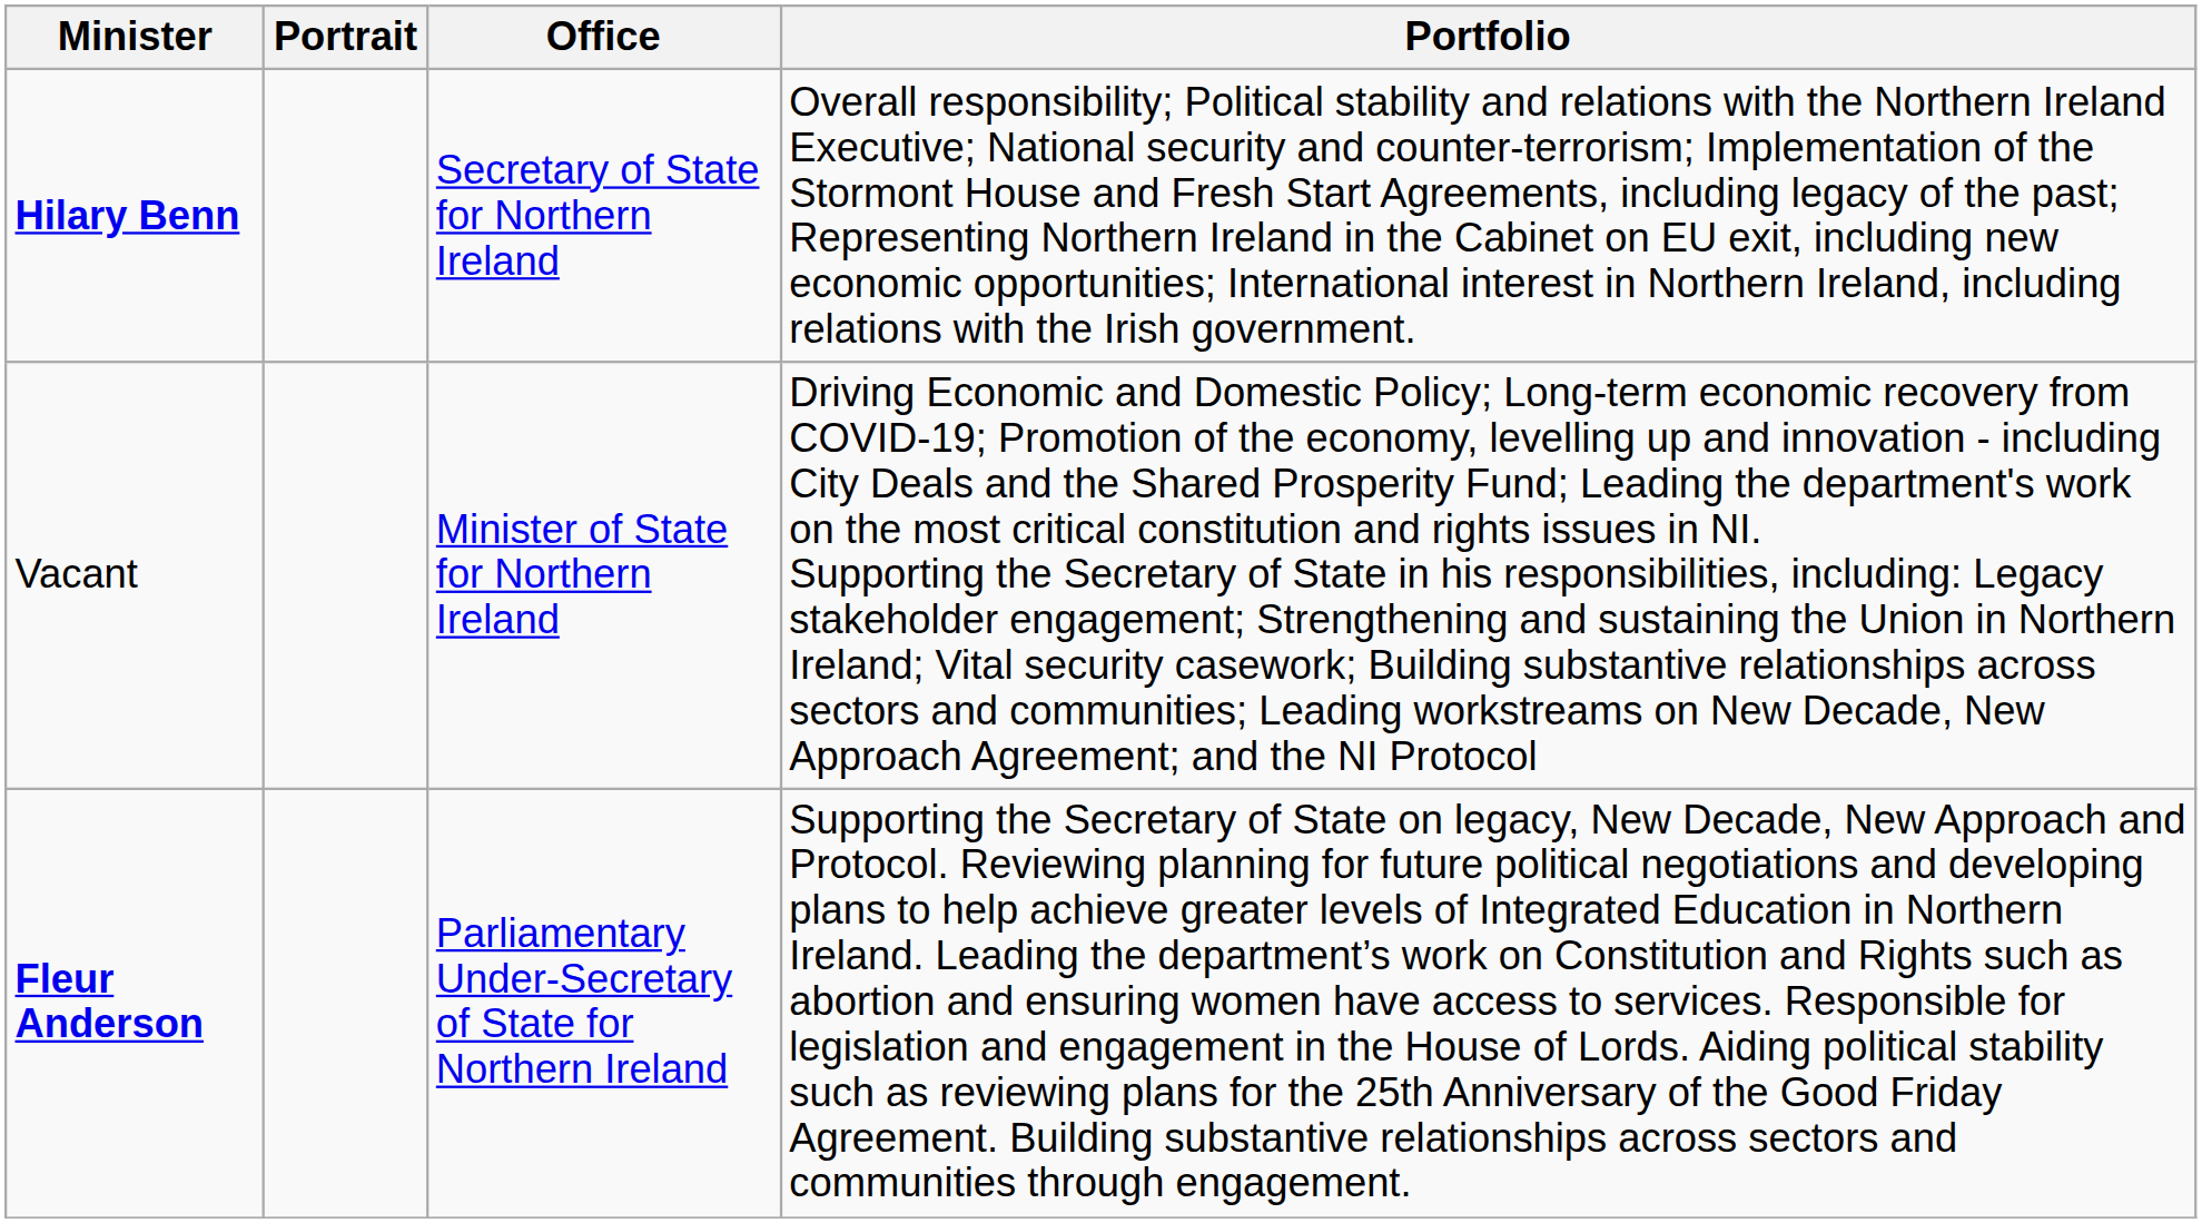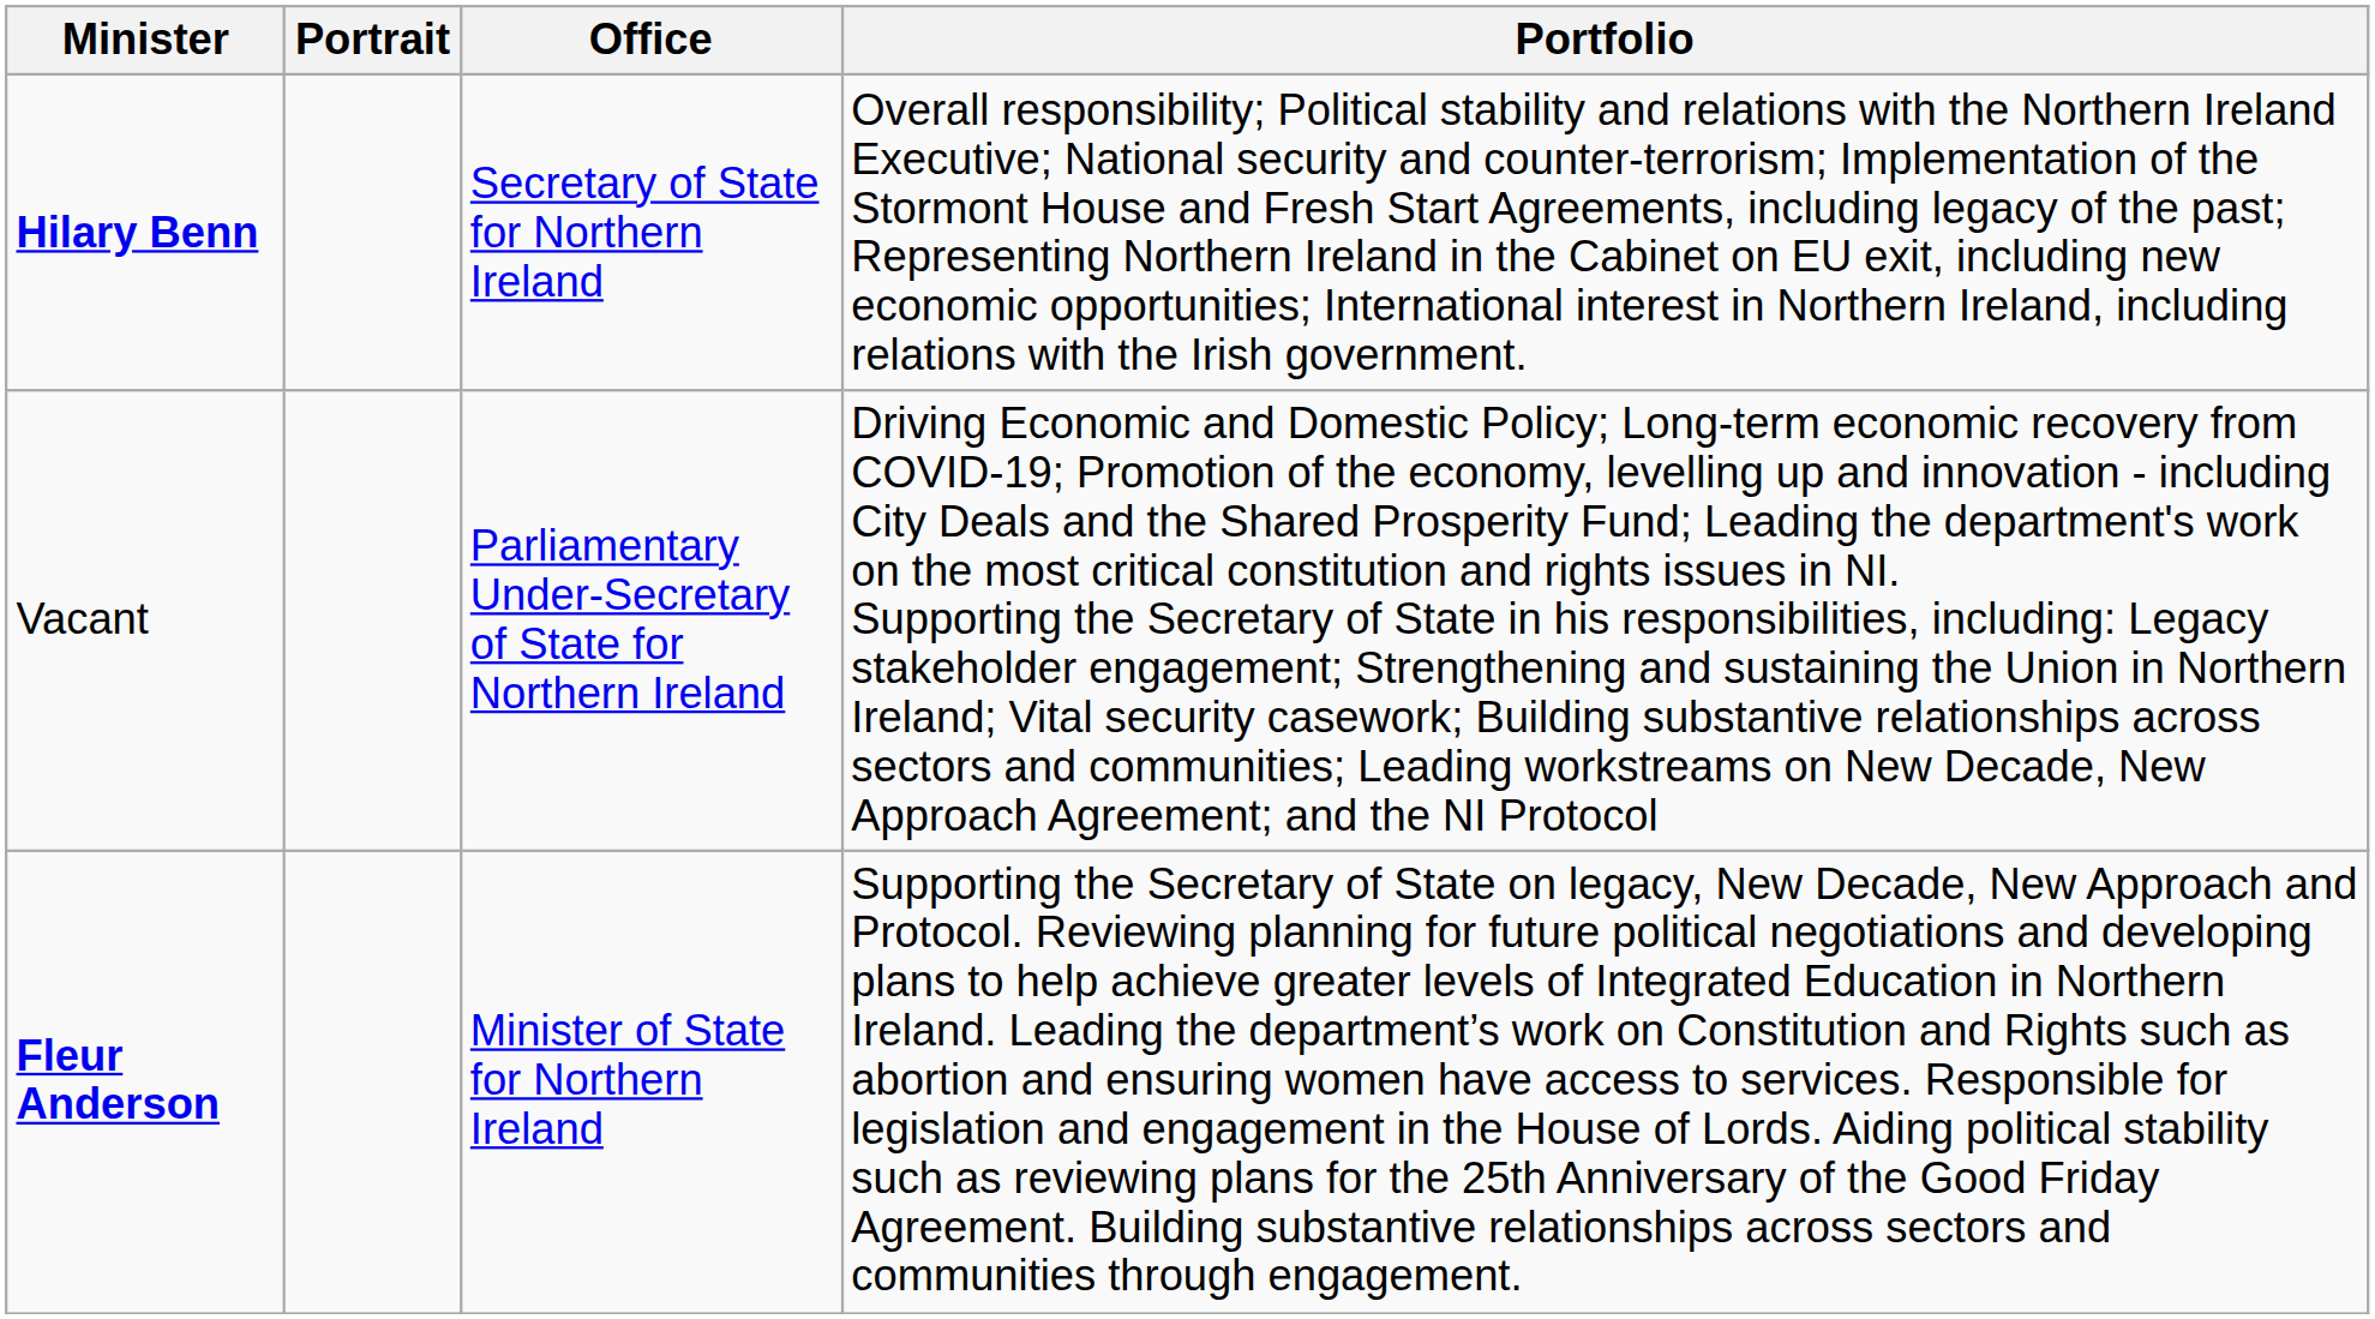 <table class="wikitable">
 <tr>
 <th width=95x>Minister</th>
 <th>Portrait</th>
 <th>Office</th>
 <th>Portfolio</th>
 </tr>
 <tr>
 <td> <strong><a href='#'>Hilary Benn</a></strong> </td>
 <td></td>
 <td><a href='#'>Secretary of State for Northern Ireland</a></td>
 <td>Overall responsibility; Political stability and relations with the Northern Ireland Executive; National security and counter-terrorism; Implementation of the Stormont House and Fresh Start Agreements, including legacy of the past; Representing Northern Ireland in the Cabinet on EU exit, including new economic opportunities; International interest in Northern Ireland, including relations with the Irish government.</td>
 </tr>
 <tr>
 <td>Vacant</td>
 <td></td>
-<td><a href='#'>Minister of State for Northern Ireland</a></td>
+<td><a href='#'>Parliamentary Under-Secretary of State for Northern Ireland</a></td>
 <td>Driving Economic and Domestic Policy; Long-term economic recovery from COVID-19; Promotion of the economy, levelling up and innovation - including City Deals and the Shared Prosperity Fund; Leading the department's work on the most critical constitution and rights issues in NI.<br>Supporting the Secretary of State in his responsibilities, including:  Legacy stakeholder engagement; Strengthening and sustaining the Union in Northern Ireland; Vital security casework; Building substantive relationships across sectors and communities; Leading workstreams on New Decade, New Approach Agreement; and the NI Protocol</td>
 </tr>
 <tr>
 <td><strong><a href='#'>Fleur Anderson</a></strong> </td>
 <td></td>
-<td><a href='#'>Parliamentary Under-Secretary of State for Northern Ireland</a></td>
+<td><a href='#'>Minister of State for Northern Ireland</a></td>
 <td>Supporting the Secretary of State on legacy, New Decade, New Approach and Protocol. Reviewing planning for future political negotiations and developing plans to help achieve greater levels of Integrated Education in Northern Ireland. Leading the department’s work on Constitution and Rights such as abortion and ensuring women have access to services. Responsible for legislation and engagement in the House of Lords. Aiding political stability such as reviewing plans for the 25th Anniversary of the Good Friday Agreement. Building substantive relationships across sectors and communities through engagement.</td>
 </tr>
 <tr>
 </tr>
 </table>
